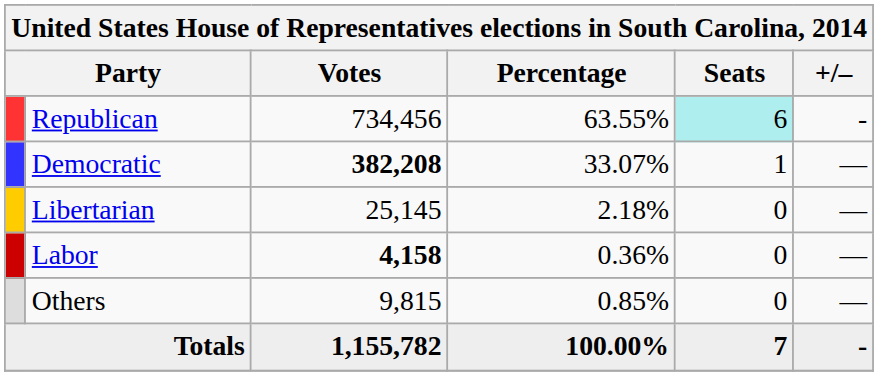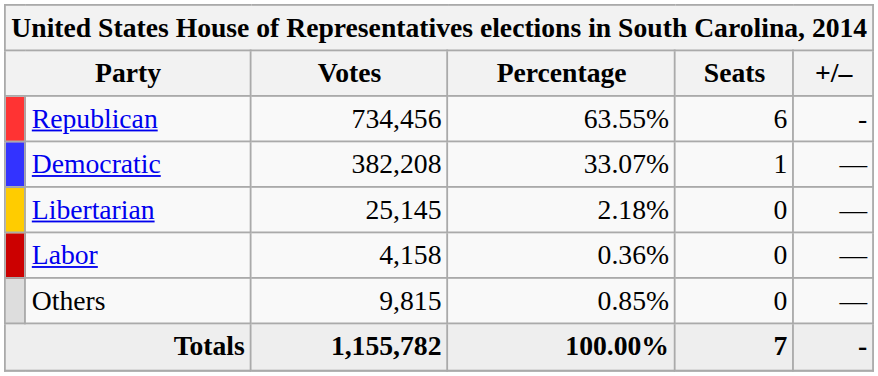 <table class="wikitable" style="font-size: 95%;">
 <tr>
 <th colspan="6">United States House of Representatives elections in South Carolina, 2014</th>
 </tr>
 <tr>
 <th colspan=2>Party</th>
 <th>Votes</th>
 <th>Percentage</th>
 <th>Seats</th>
 <th>+/–</th>
 </tr>
 <tr>
 <th style="background-color:#FF3333"></th>
 <td><a href='#'>Republican</a></td>
 <td align="right">734,456</td>
 <td align="right">63.55%</td>
-<td align="right" style="background: paleturquoise;">6</td>
+<td align="right">6</td>
 <td align="right">-</td>
 </tr>
 <tr>
 <th style="background-color:#3333FF"></th>
 <td><a href='#'>Democratic</a></td>
-<td align="right"><strong>382,208</strong></td>
+<td align="right">382,208</td>
 <td align="right">33.07%</td>
 <td align="right">1</td>
 <td align="right">—</td>
 </tr>
 <tr>
 <th style="background-color:#FFCC00"></th>
 <td><a href='#'>Libertarian</a></td>
 <td align="right">25,145</td>
 <td align="right">2.18%</td>
 <td align="right">0</td>
 <td align="right">—</td>
 </tr>
 <tr>
 <th style="background-color:#CC0000"></th>
 <td><a href='#'>Labor</a></td>
-<td align="right"><strong>4,158</strong></td>
+<td align="right">4,158</td>
 <td align="right">0.36%</td>
 <td align="right">0</td>
 <td align="right">—</td>
 </tr>
 <tr>
 <th style="background-color:#DDDDDD"></th>
 <td>Others</td>
 <td align="right">9,815</td>
 <td align="right">0.85%</td>
 <td align="right">0</td>
 <td align="right">—</td>
 </tr>
 <tr bgcolor="#EEEEEE">
 <td colspan="2" align="right"><strong>Totals</strong></td>
 <td align="right"><strong>1,155,782</strong></td>
 <td align="right"><strong>100.00%</strong></td>
 <td align="right"><strong>7</strong></td>
 <td align="right"><strong>-</strong></td>
 </tr>
 <tr bgcolor="#EEEEEE">
 </tr>
 </table>
